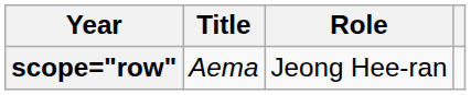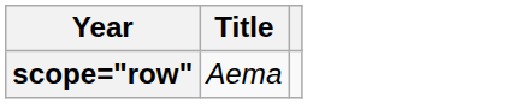 <table class="wikitable plainrowheaders sortable">
 <tr>
 <th scope="col">Year</th>
 <th scope="col">Title</th>
-<th scope="col">Role</th>
 <th scope="col" class="unsortable"></th>
 </tr>
 <tr>
 <th>scope="row" </th>
 <td><em>Aema</em></td>
-<td>Jeong Hee-ran</td>
 <td style="text-align:center"></td>
 </tr>
 </table>
